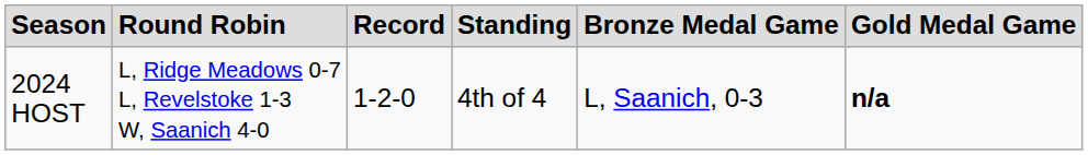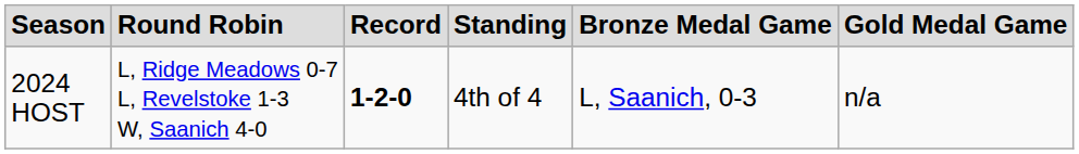 <table class="wikitable">
 <tr style="font-weight:bold; background-color:#dddddd;">
 <td>Season</td>
 <td>Round Robin</td>
 <td>Record</td>
 <td>Standing</td>
 <td>Bronze Medal Game</td>
 <td>Gold Medal Game</td>
 </tr>
 <tr>
 <td>2024<br>HOST</td>
 <td><small> L, <a href='#'>Ridge Meadows</a> 0-7<br>L, <a href='#'>Revelstoke</a> 1-3<br>W, <a href='#'>Saanich</a> 4-0</small></td>
-<td>1-2-0</td>
+<td><strong>1-2-0</strong></td>
 <td>4th of 4</td>
 <td>L, <a href='#'>Saanich</a>, 0-3</td>
-<td><strong>n/a</strong></td>
+<td>n/a</td>
 </tr>
 </table>
